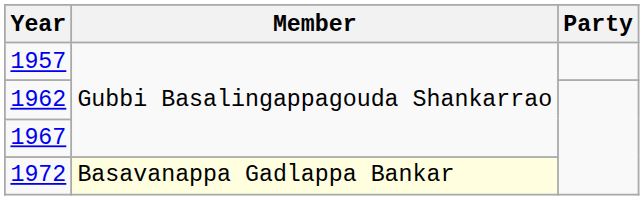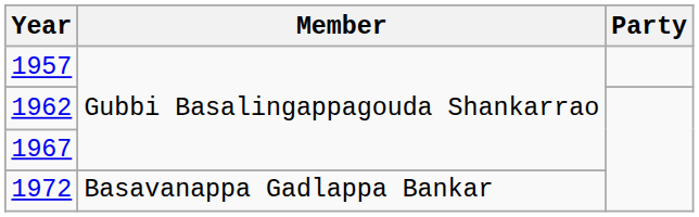 <table class="wikitable sortable">
 <tr>
 <th>Year</th>
 <th>Member</th>
 <th colspan="2">Party</th>
 </tr>
 <tr>
 <td><a href='#'>1957</a></td>
 <td rowspan=3>Gubbi Basalingappagouda Shankarrao</td>
 <td></td>
 </tr>
 <tr>
 <td><a href='#'>1962</a></td>
 </tr>
 <tr>
 <td><a href='#'>1967</a></td>
 </tr>
 <tr>
 <td><a href='#'>1972</a></td>
-<td style="background: lightyellow;">Basavanappa Gadlappa Bankar</td>
+<td>Basavanappa Gadlappa Bankar</td>
 </tr>
 </table>
